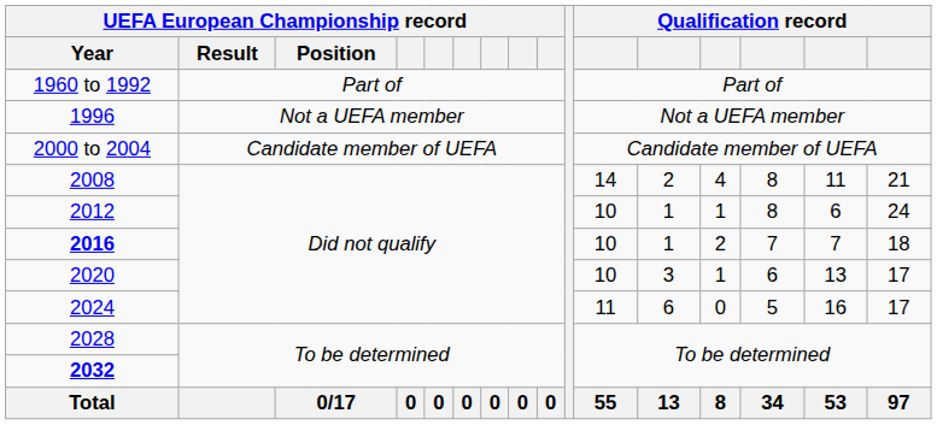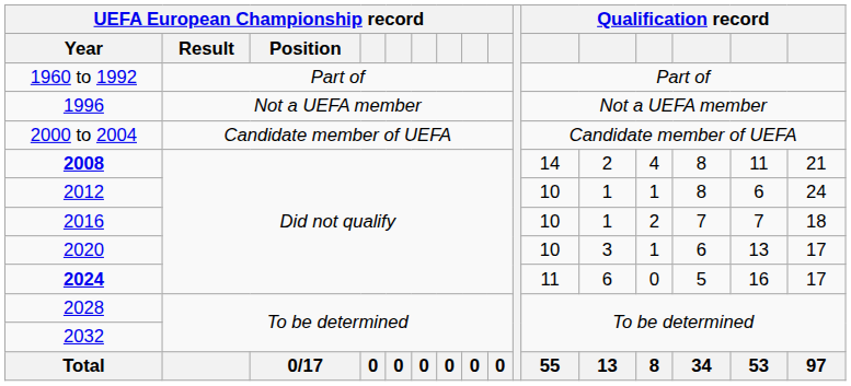 <table class="wikitable" style="text-align: center;">
 <tr>
 <th colspan="9"><a href='#'>UEFA European Championship</a> record</th>
 <th style="width:1%;" rowspan="20"></th>
 <th colspan="6"><a href='#'>Qualification</a> record</th>
 </tr>
 <tr>
 <th>Year</th>
 <th>Result</th>
 <th>Position</th>
 <th></th>
 <th></th>
 <th></th>
 <th></th>
 <th></th>
 <th></th>
 <th></th>
 <th></th>
 <th></th>
 <th></th>
 <th></th>
 <th></th>
 </tr>
 <tr>
 <td> <a href='#'>1960</a> to  <a href='#'>1992</a></td>
 <td colspan=8><em>Part of </em></td>
 <td colspan="6"><em>Part of </em></td>
 </tr>
 <tr>
 <td> <a href='#'>1996</a></td>
 <td colspan=8><em>Not a UEFA member</em></td>
 <td colspan="6"><em>Not a UEFA member</em></td>
 </tr>
 <tr>
 <td>  <a href='#'>2000</a>  to  <a href='#'>2004</a></td>
 <td colspan=8><em>Candidate member of UEFA</em></td>
 <td colspan="6"><em>Candidate member of UEFA</em></td>
 </tr>
 <tr>
-<td>  <a href='#'>2008</a></td>
+<td><strong>  <a href='#'>2008</a></strong></td>
 <td colspan="8" rowspan="5"><em>Did not qualify</em></td>
 <td>14</td>
 <td>2</td>
 <td>4</td>
 <td>8</td>
 <td>11</td>
 <td>21</td>
 </tr>
 <tr>
 <td>  <a href='#'>2012</a></td>
 <td>10</td>
 <td>1</td>
 <td>1</td>
 <td>8</td>
 <td>6</td>
 <td>24</td>
 </tr>
 <tr>
-<td><strong> <a href='#'>2016</a></strong></td>
+<td> <a href='#'>2016</a></td>
 <td>10</td>
 <td>1</td>
 <td>2</td>
 <td>7</td>
 <td>7</td>
 <td>18</td>
 </tr>
 <tr>
 <td> <a href='#'>2020</a></td>
 <td>10</td>
 <td>3</td>
 <td>1</td>
 <td>6</td>
 <td>13</td>
 <td>17</td>
 </tr>
 <tr>
-<td> <a href='#'>2024</a></td>
+<td><strong> <a href='#'>2024</a></strong></td>
 <td>11</td>
 <td>6</td>
 <td>0</td>
 <td>5</td>
 <td>16</td>
 <td>17</td>
 </tr>
 <tr>
 <td>  <a href='#'>2028</a></td>
 <td colspan="8" rowspan="2"><em>To be determined</em></td>
 <td colspan="6" rowspan="2"><em>To be determined</em></td>
 </tr>
 <tr>
-<td><strong>  <a href='#'>2032</a></strong></td>
+<td>  <a href='#'>2032</a></td>
 </tr>
 <tr>
 <th><strong>Total</strong></th>
 <th></th>
 <th><strong>0/17</strong></th>
 <th><strong>0</strong></th>
 <th><strong>0</strong></th>
 <th><strong>0</strong></th>
 <th><strong>0</strong></th>
 <th><strong>0</strong></th>
 <th><strong>0</strong></th>
 <th><strong>55</strong></th>
 <th><strong>13</strong></th>
 <th><strong>8</strong></th>
 <th><strong>34</strong></th>
 <th><strong>53</strong></th>
 <th><strong>97</strong></th>
 </tr>
 </table>
